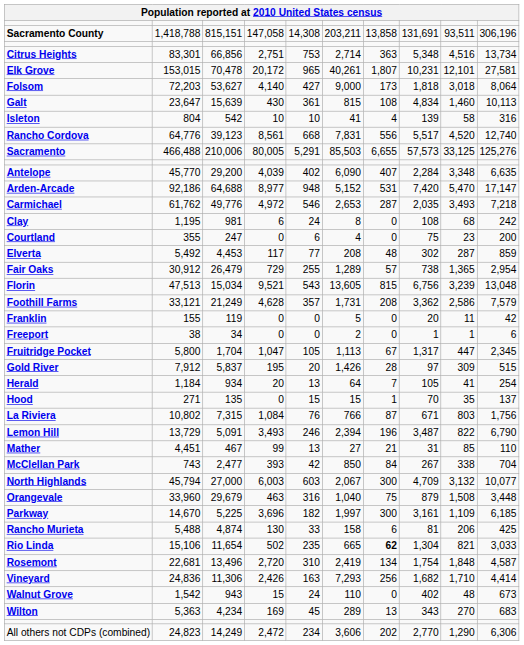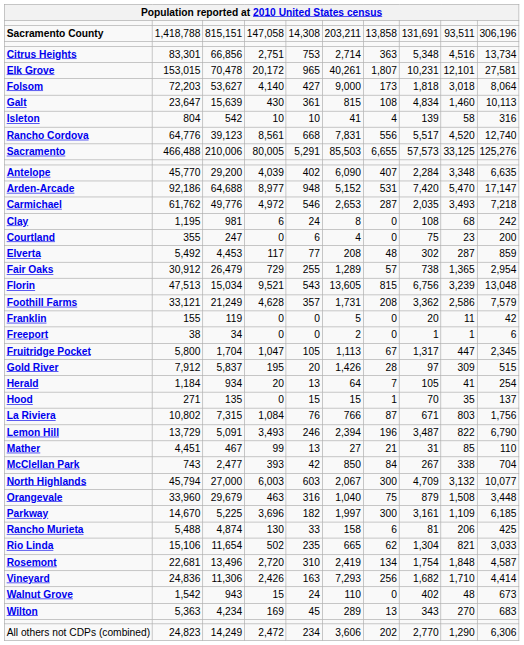 <table class="wikitable collapsible collapsed">
 <tr>
 <th colspan=10>Population reported at <a href='#'>2010 United States census</a></th>
 </tr>
 <tr>
 <td></td>
 <td></td>
 <td></td>
 <td></td>
 <td></td>
 <td></td>
 <td></td>
 <td></td>
 <td></td>
 <td></td>
 </tr>
 <tr>
 <td><strong> Sacramento County</strong></td>
 <td align="right">1,418,788</td>
 <td align="right">815,151</td>
 <td align="right">147,058</td>
 <td align="right">14,308</td>
 <td align="right">203,211</td>
 <td align="right">13,858</td>
 <td align="right">131,691</td>
 <td align="right">93,511</td>
 <td align="right">306,196</td>
 </tr>
 <tr>
 <td></td>
 <td></td>
 <td></td>
 <td></td>
 <td></td>
 <td></td>
 <td></td>
 <td></td>
 <td></td>
 <td></td>
 </tr>
 <tr>
 <td><strong><a href='#'>Citrus Heights</a></strong></td>
 <td align="right">83,301</td>
 <td align="right">66,856</td>
 <td align="right">2,751</td>
 <td align="right">753</td>
 <td align="right">2,714</td>
 <td align="right">363</td>
 <td align="right">5,348</td>
 <td align="right">4,516</td>
 <td align="right">13,734</td>
 </tr>
 <tr>
 <td><strong><a href='#'>Elk Grove</a></strong></td>
 <td align="right">153,015</td>
 <td align="right">70,478</td>
 <td align="right">20,172</td>
 <td align="right">965</td>
 <td align="right">40,261</td>
 <td align="right">1,807</td>
 <td align="right">10,231</td>
 <td align="right">12,101</td>
 <td align="right">27,581</td>
 </tr>
 <tr>
 <td><strong><a href='#'>Folsom</a></strong></td>
 <td align="right">72,203</td>
 <td align="right">53,627</td>
 <td align="right">4,140</td>
 <td align="right">427</td>
 <td align="right">9,000</td>
 <td align="right">173</td>
 <td align="right">1,818</td>
 <td align="right">3,018</td>
 <td align="right">8,064</td>
 </tr>
 <tr>
 <td><strong><a href='#'>Galt</a></strong></td>
 <td align="right">23,647</td>
 <td align="right">15,639</td>
 <td align="right">430</td>
 <td align="right">361</td>
 <td align="right">815</td>
 <td align="right">108</td>
 <td align="right">4,834</td>
 <td align="right">1,460</td>
 <td align="right">10,113</td>
 </tr>
 <tr>
 <td><strong><a href='#'>Isleton</a></strong></td>
 <td align="right">804</td>
 <td align="right">542</td>
 <td align="right">10</td>
 <td align="right">10</td>
 <td align="right">41</td>
 <td align="right">4</td>
 <td align="right">139</td>
 <td align="right">58</td>
 <td align="right">316</td>
 </tr>
 <tr>
 <td><strong><a href='#'>Rancho Cordova</a></strong></td>
 <td align="right">64,776</td>
 <td align="right">39,123</td>
 <td align="right">8,561</td>
 <td align="right">668</td>
 <td align="right">7,831</td>
 <td align="right">556</td>
 <td align="right">5,517</td>
 <td align="right">4,520</td>
 <td align="right">12,740</td>
 </tr>
 <tr>
 <td><strong><a href='#'>Sacramento</a></strong></td>
 <td align="right">466,488</td>
 <td align="right">210,006</td>
 <td align="right">80,005</td>
 <td align="right">5,291</td>
 <td align="right">85,503</td>
 <td align="right">6,655</td>
 <td align="right">57,573</td>
 <td align="right">33,125</td>
 <td align="right">125,276</td>
 </tr>
 <tr>
 <td></td>
 <td></td>
 <td></td>
 <td></td>
 <td></td>
 <td></td>
 <td></td>
 <td></td>
 <td></td>
 <td></td>
 </tr>
 <tr>
 <td><strong><a href='#'>Antelope</a></strong></td>
 <td align="right">45,770</td>
 <td align="right">29,200</td>
 <td align="right">4,039</td>
 <td align="right">402</td>
 <td align="right">6,090</td>
 <td align="right">407</td>
 <td align="right">2,284</td>
 <td align="right">3,348</td>
 <td align="right">6,635</td>
 </tr>
 <tr>
 <td><strong><a href='#'>Arden-Arcade</a></strong></td>
 <td align="right">92,186</td>
 <td align="right">64,688</td>
 <td align="right">8,977</td>
 <td align="right">948</td>
 <td align="right">5,152</td>
 <td align="right">531</td>
 <td align="right">7,420</td>
 <td align="right">5,470</td>
 <td align="right">17,147</td>
 </tr>
 <tr>
 <td><strong><a href='#'>Carmichael</a></strong></td>
 <td align="right">61,762</td>
 <td align="right">49,776</td>
 <td align="right">4,972</td>
 <td align="right">546</td>
 <td align="right">2,653</td>
 <td align="right">287</td>
 <td align="right">2,035</td>
 <td align="right">3,493</td>
 <td align="right">7,218</td>
 </tr>
 <tr>
 <td><strong><a href='#'>Clay</a></strong></td>
 <td align="right">1,195</td>
 <td align="right">981</td>
 <td align="right">6</td>
 <td align="right">24</td>
 <td align="right">8</td>
 <td align="right">0</td>
 <td align="right">108</td>
 <td align="right">68</td>
 <td align="right">242</td>
 </tr>
 <tr>
 <td><strong><a href='#'>Courtland</a></strong></td>
 <td align="right">355</td>
 <td align="right">247</td>
 <td align="right">0</td>
 <td align="right">6</td>
 <td align="right">4</td>
 <td align="right">0</td>
 <td align="right">75</td>
 <td align="right">23</td>
 <td align="right">200</td>
 </tr>
 <tr>
 <td><strong><a href='#'>Elverta</a></strong></td>
 <td align="right">5,492</td>
 <td align="right">4,453</td>
 <td align="right">117</td>
 <td align="right">77</td>
 <td align="right">208</td>
 <td align="right">48</td>
 <td align="right">302</td>
 <td align="right">287</td>
 <td align="right">859</td>
 </tr>
 <tr>
 <td><strong><a href='#'>Fair Oaks</a></strong></td>
 <td align="right">30,912</td>
 <td align="right">26,479</td>
 <td align="right">729</td>
 <td align="right">255</td>
 <td align="right">1,289</td>
 <td align="right">57</td>
 <td align="right">738</td>
 <td align="right">1,365</td>
 <td align="right">2,954</td>
 </tr>
 <tr>
 <td><strong><a href='#'>Florin</a></strong></td>
 <td align="right">47,513</td>
 <td align="right">15,034</td>
 <td align="right">9,521</td>
 <td align="right">543</td>
 <td align="right">13,605</td>
 <td align="right">815</td>
 <td align="right">6,756</td>
 <td align="right">3,239</td>
 <td align="right">13,048</td>
 </tr>
 <tr>
 <td><strong><a href='#'>Foothill Farms</a></strong></td>
 <td align="right">33,121</td>
 <td align="right">21,249</td>
 <td align="right">4,628</td>
 <td align="right">357</td>
 <td align="right">1,731</td>
 <td align="right">208</td>
 <td align="right">3,362</td>
 <td align="right">2,586</td>
 <td align="right">7,579</td>
 </tr>
 <tr>
 <td><strong><a href='#'>Franklin</a></strong></td>
 <td align="right">155</td>
 <td align="right">119</td>
 <td align="right">0</td>
 <td align="right">0</td>
 <td align="right">5</td>
 <td align="right">0</td>
 <td align="right">20</td>
 <td align="right">11</td>
 <td align="right">42</td>
 </tr>
 <tr>
 <td><strong><a href='#'>Freeport</a></strong></td>
 <td align="right">38</td>
 <td align="right">34</td>
 <td align="right">0</td>
 <td align="right">0</td>
 <td align="right">2</td>
 <td align="right">0</td>
 <td align="right">1</td>
 <td align="right">1</td>
 <td align="right">6</td>
 </tr>
 <tr>
 <td><strong><a href='#'>Fruitridge Pocket</a></strong></td>
 <td align="right">5,800</td>
 <td align="right">1,704</td>
 <td align="right">1,047</td>
 <td align="right">105</td>
 <td align="right">1,113</td>
 <td align="right">67</td>
 <td align="right">1,317</td>
 <td align="right">447</td>
 <td align="right">2,345</td>
 </tr>
 <tr>
 <td><strong><a href='#'>Gold River</a></strong></td>
 <td align="right">7,912</td>
 <td align="right">5,837</td>
 <td align="right">195</td>
 <td align="right">20</td>
 <td align="right">1,426</td>
 <td align="right">28</td>
 <td align="right">97</td>
 <td align="right">309</td>
 <td align="right">515</td>
 </tr>
 <tr>
 <td><strong><a href='#'>Herald</a></strong></td>
 <td align="right">1,184</td>
 <td align="right">934</td>
 <td align="right">20</td>
 <td align="right">13</td>
 <td align="right">64</td>
 <td align="right">7</td>
 <td align="right">105</td>
 <td align="right">41</td>
 <td align="right">254</td>
 </tr>
 <tr>
 <td><strong><a href='#'>Hood</a></strong></td>
 <td align="right">271</td>
 <td align="right">135</td>
 <td align="right">0</td>
 <td align="right">15</td>
 <td align="right">15</td>
 <td align="right">1</td>
 <td align="right">70</td>
 <td align="right">35</td>
 <td align="right">137</td>
 </tr>
 <tr>
 <td><strong><a href='#'>La Riviera</a></strong></td>
 <td align="right">10,802</td>
 <td align="right">7,315</td>
 <td align="right">1,084</td>
 <td align="right">76</td>
 <td align="right">766</td>
 <td align="right">87</td>
 <td align="right">671</td>
 <td align="right">803</td>
 <td align="right">1,756</td>
 </tr>
 <tr>
 <td><strong><a href='#'>Lemon Hill</a></strong></td>
 <td align="right">13,729</td>
 <td align="right">5,091</td>
 <td align="right">3,493</td>
 <td align="right">246</td>
 <td align="right">2,394</td>
 <td align="right">196</td>
 <td align="right">3,487</td>
 <td align="right">822</td>
 <td align="right">6,790</td>
 </tr>
 <tr>
 <td><strong><a href='#'>Mather</a></strong></td>
 <td align="right">4,451</td>
 <td align="right">467</td>
 <td align="right">99</td>
 <td align="right">13</td>
 <td align="right">27</td>
 <td align="right">21</td>
 <td align="right">31</td>
 <td align="right">85</td>
 <td align="right">110</td>
 </tr>
 <tr>
 <td><strong><a href='#'>McClellan Park</a></strong></td>
 <td align="right">743</td>
 <td align="right">2,477</td>
 <td align="right">393</td>
 <td align="right">42</td>
 <td align="right">850</td>
 <td align="right">84</td>
 <td align="right">267</td>
 <td align="right">338</td>
 <td align="right">704</td>
 </tr>
 <tr>
 <td><strong><a href='#'>North Highlands</a></strong></td>
 <td align="right">45,794</td>
 <td align="right">27,000</td>
 <td align="right">6,003</td>
 <td align="right">603</td>
 <td align="right">2,067</td>
 <td align="right">300</td>
 <td align="right">4,709</td>
 <td align="right">3,132</td>
 <td align="right">10,077</td>
 </tr>
 <tr>
 <td><strong><a href='#'>Orangevale</a></strong></td>
 <td align="right">33,960</td>
 <td align="right">29,679</td>
 <td align="right">463</td>
 <td align="right">316</td>
 <td align="right">1,040</td>
 <td align="right">75</td>
 <td align="right">879</td>
 <td align="right">1,508</td>
 <td align="right">3,448</td>
 </tr>
 <tr>
 <td><strong><a href='#'>Parkway</a></strong></td>
 <td align="right">14,670</td>
 <td align="right">5,225</td>
 <td align="right">3,696</td>
 <td align="right">182</td>
 <td align="right">1,997</td>
 <td align="right">300</td>
 <td align="right">3,161</td>
 <td align="right">1,109</td>
 <td align="right">6,185</td>
 </tr>
 <tr>
 <td><strong><a href='#'>Rancho Murieta</a></strong></td>
 <td align="right">5,488</td>
 <td align="right">4,874</td>
 <td align="right">130</td>
 <td align="right">33</td>
 <td align="right">158</td>
 <td align="right">6</td>
 <td align="right">81</td>
 <td align="right">206</td>
 <td align="right">425</td>
 </tr>
 <tr>
 <td><strong><a href='#'>Rio Linda</a></strong></td>
 <td align="right">15,106</td>
 <td align="right">11,654</td>
 <td align="right">502</td>
 <td align="right">235</td>
 <td align="right">665</td>
-<td align="right"><strong>62</strong></td>
+<td align="right">62</td>
 <td align="right">1,304</td>
 <td align="right">821</td>
 <td align="right">3,033</td>
 </tr>
 <tr>
 <td><strong><a href='#'>Rosemont</a></strong></td>
 <td align="right">22,681</td>
 <td align="right">13,496</td>
 <td align="right">2,720</td>
 <td align="right">310</td>
 <td align="right">2,419</td>
 <td align="right">134</td>
 <td align="right">1,754</td>
 <td align="right">1,848</td>
 <td align="right">4,587</td>
 </tr>
 <tr>
 <td><strong><a href='#'>Vineyard</a></strong></td>
 <td align="right">24,836</td>
 <td align="right">11,306</td>
 <td align="right">2,426</td>
 <td align="right">163</td>
 <td align="right">7,293</td>
 <td align="right">256</td>
 <td align="right">1,682</td>
 <td align="right">1,710</td>
 <td align="right">4,414</td>
 </tr>
 <tr>
 <td><strong><a href='#'>Walnut Grove</a></strong></td>
 <td align="right">1,542</td>
 <td align="right">943</td>
 <td align="right">15</td>
 <td align="right">24</td>
 <td align="right">110</td>
 <td align="right">0</td>
 <td align="right">402</td>
 <td align="right">48</td>
 <td align="right">673</td>
 </tr>
 <tr>
 <td><strong><a href='#'>Wilton</a></strong></td>
 <td align="right">5,363</td>
 <td align="right">4,234</td>
 <td align="right">169</td>
 <td align="right">45</td>
 <td align="right">289</td>
 <td align="right">13</td>
 <td align="right">343</td>
 <td align="right">270</td>
 <td align="right">683</td>
 </tr>
 <tr>
 <td></td>
 <td></td>
 <td></td>
 <td></td>
 <td></td>
 <td></td>
 <td></td>
 <td></td>
 <td></td>
 <td></td>
 </tr>
 <tr>
 <td>All others not CDPs (combined)</td>
 <td align="right">24,823</td>
 <td align="right">14,249</td>
 <td align="right">2,472</td>
 <td align="right">234</td>
 <td align="right">3,606</td>
 <td align="right">202</td>
 <td align="right">2,770</td>
 <td align="right">1,290</td>
 <td align="right">6,306</td>
 </tr>
 </table>
